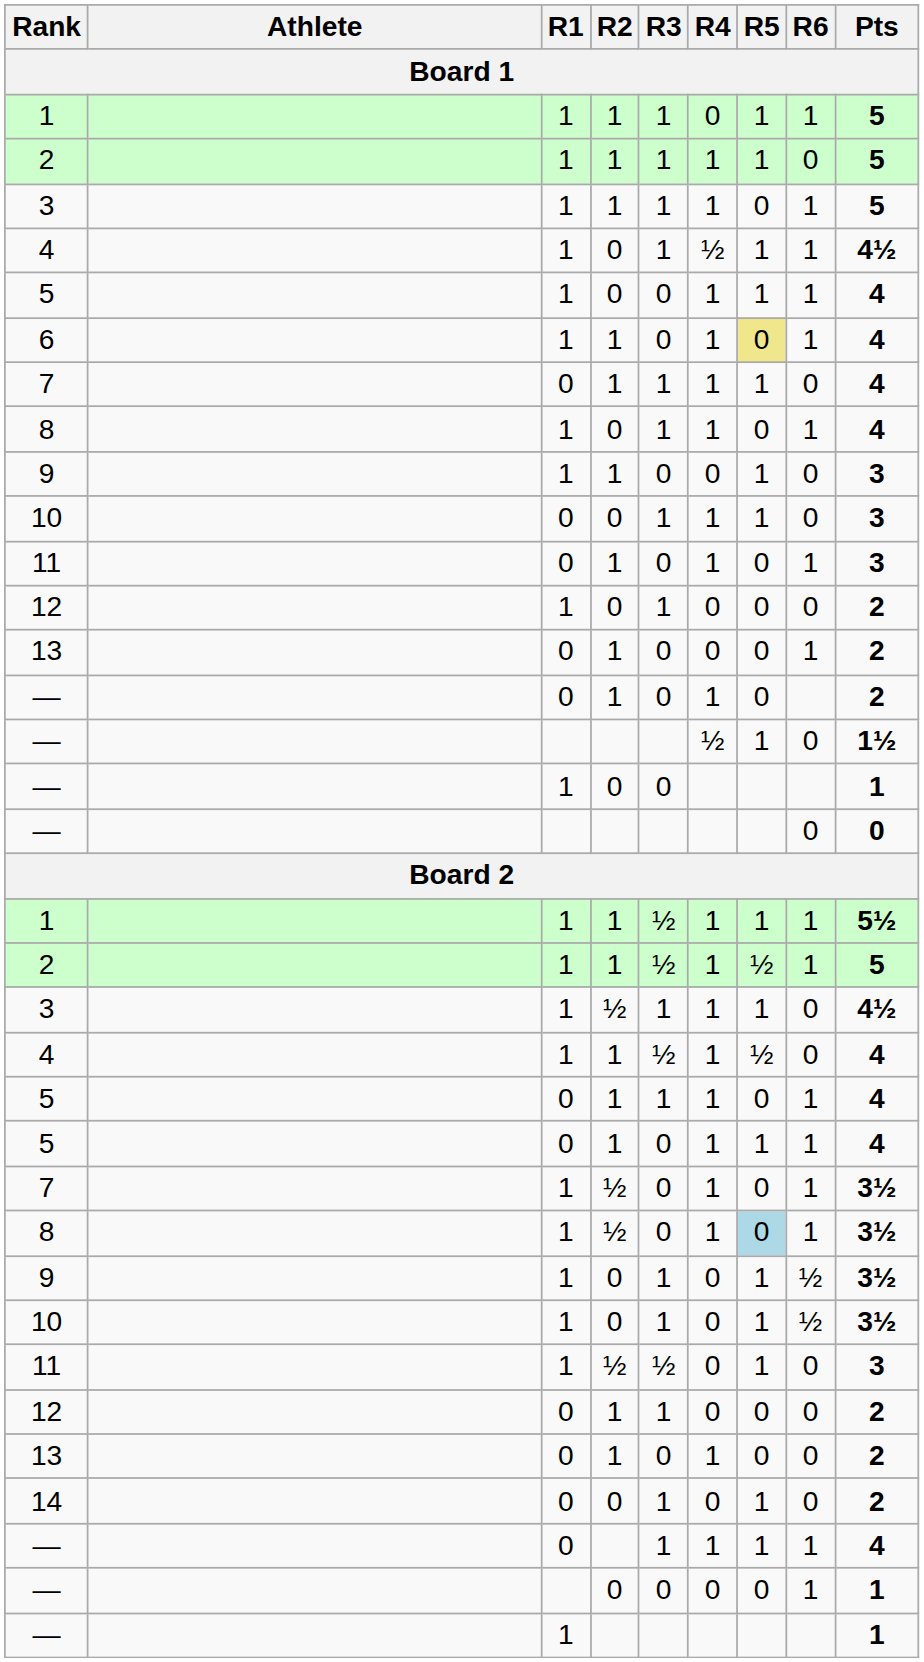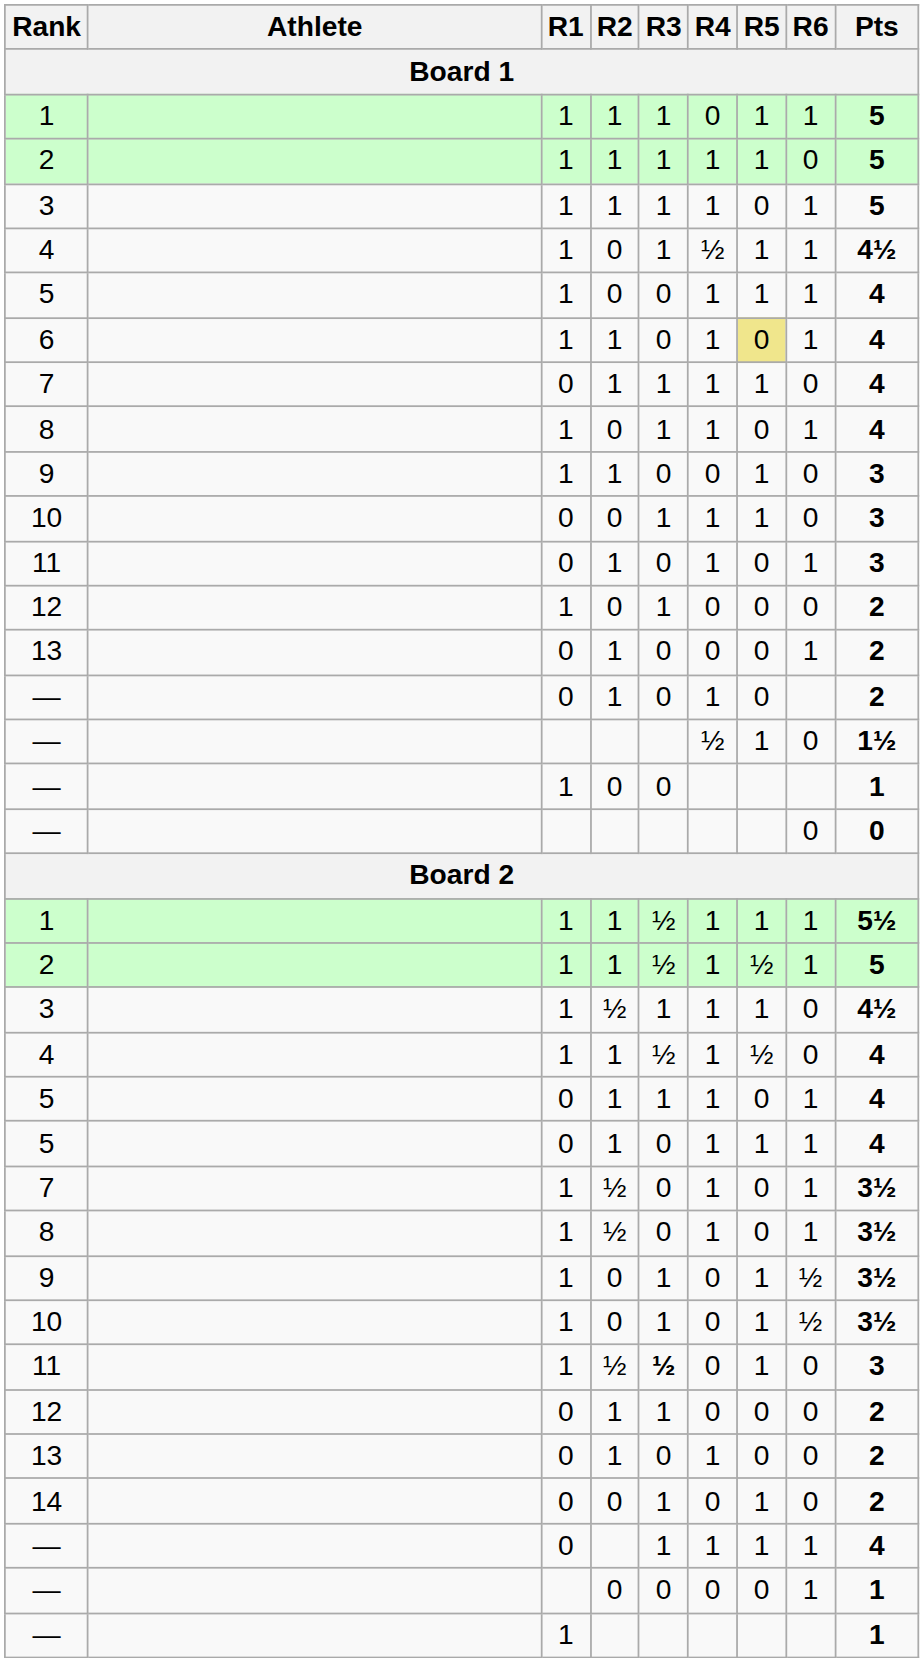 <table class=wikitable style="text-align:center">
 <tr>
 <th width=40>Rank</th>
 <th width=250>Athlete</th>
 <th width=20>R1</th>
 <th width=20>R2</th>
 <th width=20>R3</th>
 <th width=20>R4</th>
 <th width=20>R5</th>
 <th width=20>R6</th>
 <th width=40>Pts</th>
 </tr>
 <tr>
 <th colspan=11>Board 1</th>
 </tr>
 <tr style="background:#ccffcc;">
 <td>1</td>
 <td align=left></td>
 <td>1</td>
 <td>1</td>
 <td>1</td>
 <td>0</td>
 <td>1</td>
 <td>1</td>
 <td><strong>5</strong></td>
 </tr>
 <tr style="background:#ccffcc;">
 <td>2</td>
 <td align=left></td>
 <td>1</td>
 <td>1</td>
 <td>1</td>
 <td>1</td>
 <td>1</td>
 <td>0</td>
 <td><strong>5</strong></td>
 </tr>
 <tr>
 <td>3</td>
 <td align=left></td>
 <td>1</td>
 <td>1</td>
 <td>1</td>
 <td>1</td>
 <td>0</td>
 <td>1</td>
 <td><strong>5</strong></td>
 </tr>
 <tr>
 <td>4</td>
 <td align=left></td>
 <td>1</td>
 <td>0</td>
 <td>1</td>
 <td>½</td>
 <td>1</td>
 <td>1</td>
 <td><strong>4½</strong></td>
 </tr>
 <tr>
 <td>5</td>
 <td align=left></td>
 <td>1</td>
 <td>0</td>
 <td>0</td>
 <td>1</td>
 <td>1</td>
 <td>1</td>
 <td><strong>4</strong></td>
 </tr>
 <tr>
 <td>6</td>
 <td align=left></td>
 <td>1</td>
 <td>1</td>
 <td>0</td>
 <td>1</td>
 <td style="background: khaki;">0</td>
 <td>1</td>
 <td><strong>4</strong></td>
 </tr>
 <tr>
 <td>7</td>
 <td align=left></td>
 <td>0</td>
 <td>1</td>
 <td>1</td>
 <td>1</td>
 <td>1</td>
 <td>0</td>
 <td><strong>4</strong></td>
 </tr>
 <tr>
 <td>8</td>
 <td align=left></td>
 <td>1</td>
 <td>0</td>
 <td>1</td>
 <td>1</td>
 <td>0</td>
 <td>1</td>
 <td><strong>4</strong></td>
 </tr>
 <tr>
 <td>9</td>
 <td align=left></td>
 <td>1</td>
 <td>1</td>
 <td>0</td>
 <td>0</td>
 <td>1</td>
 <td>0</td>
 <td><strong>3</strong></td>
 </tr>
 <tr>
 <td>10</td>
 <td align=left></td>
 <td>0</td>
 <td>0</td>
 <td>1</td>
 <td>1</td>
 <td>1</td>
 <td>0</td>
 <td><strong>3</strong></td>
 </tr>
 <tr>
 <td>11</td>
 <td align=left></td>
 <td>0</td>
 <td>1</td>
 <td>0</td>
 <td>1</td>
 <td>0</td>
 <td>1</td>
 <td><strong>3</strong></td>
 </tr>
 <tr>
 <td>12</td>
 <td align=left></td>
 <td>1</td>
 <td>0</td>
 <td>1</td>
 <td>0</td>
 <td>0</td>
 <td>0</td>
 <td><strong>2</strong></td>
 </tr>
 <tr>
 <td>13</td>
 <td align=left></td>
 <td>0</td>
 <td>1</td>
 <td>0</td>
 <td>0</td>
 <td>0</td>
 <td>1</td>
 <td><strong>2</strong></td>
 </tr>
 <tr>
 <td>—</td>
 <td align=left></td>
 <td>0</td>
 <td>1</td>
 <td>0</td>
 <td>1</td>
 <td>0</td>
 <td></td>
 <td><strong>2</strong></td>
 </tr>
 <tr>
 <td>—</td>
 <td align=left></td>
 <td></td>
 <td></td>
 <td></td>
 <td>½</td>
 <td>1</td>
 <td>0</td>
 <td><strong>1½</strong></td>
 </tr>
 <tr>
 <td>—</td>
 <td align=left></td>
 <td>1</td>
 <td>0</td>
 <td>0</td>
 <td></td>
 <td></td>
 <td></td>
 <td><strong>1</strong></td>
 </tr>
 <tr>
 <td>—</td>
 <td align=left></td>
 <td></td>
 <td></td>
 <td></td>
 <td></td>
 <td></td>
 <td>0</td>
 <td><strong>0</strong></td>
 </tr>
 <tr>
 <th colspan=11>Board 2</th>
 </tr>
 <tr style="background:#ccffcc;">
 <td>1</td>
 <td align=left></td>
 <td>1</td>
 <td>1</td>
 <td>½</td>
 <td>1</td>
 <td>1</td>
 <td>1</td>
 <td><strong>5½</strong></td>
 </tr>
 <tr style="background:#ccffcc;">
 <td>2</td>
 <td align=left></td>
 <td>1</td>
 <td>1</td>
 <td>½</td>
 <td>1</td>
 <td>½</td>
 <td>1</td>
 <td><strong>5</strong></td>
 </tr>
 <tr>
 <td>3</td>
 <td align=left></td>
 <td>1</td>
 <td>½</td>
 <td>1</td>
 <td>1</td>
 <td>1</td>
 <td>0</td>
 <td><strong>4½</strong></td>
 </tr>
 <tr>
 <td>4</td>
 <td align=left></td>
 <td>1</td>
 <td>1</td>
 <td>½</td>
 <td>1</td>
 <td>½</td>
 <td>0</td>
 <td><strong>4</strong></td>
 </tr>
 <tr>
 <td>5</td>
 <td align=left></td>
 <td>0</td>
 <td>1</td>
 <td>1</td>
 <td>1</td>
 <td>0</td>
 <td>1</td>
 <td><strong>4</strong></td>
 </tr>
 <tr>
 <td>5</td>
 <td align=left></td>
 <td>0</td>
 <td>1</td>
 <td>0</td>
 <td>1</td>
 <td>1</td>
 <td>1</td>
 <td><strong>4</strong></td>
 </tr>
 <tr>
 <td>7</td>
 <td align=left></td>
 <td>1</td>
 <td>½</td>
 <td>0</td>
 <td>1</td>
 <td>0</td>
 <td>1</td>
 <td><strong>3½</strong></td>
 </tr>
 <tr>
 <td>8</td>
 <td align=left></td>
 <td>1</td>
 <td>½</td>
 <td>0</td>
 <td>1</td>
-<td style="background: lightblue;">0</td>
+<td>0</td>
 <td>1</td>
 <td><strong>3½</strong></td>
 </tr>
 <tr>
 <td>9</td>
 <td align=left></td>
 <td>1</td>
 <td>0</td>
 <td>1</td>
 <td>0</td>
 <td>1</td>
 <td>½</td>
 <td><strong>3½</strong></td>
 </tr>
 <tr>
 <td>10</td>
 <td align=left></td>
 <td>1</td>
 <td>0</td>
 <td>1</td>
 <td>0</td>
 <td>1</td>
 <td>½</td>
 <td><strong>3½</strong></td>
 </tr>
 <tr>
 <td>11</td>
 <td align=left></td>
 <td>1</td>
 <td>½</td>
-<td>½</td>
+<td><strong>½</strong></td>
 <td>0</td>
 <td>1</td>
 <td>0</td>
 <td><strong>3</strong></td>
 </tr>
 <tr>
 <td>12</td>
 <td align=left></td>
 <td>0</td>
 <td>1</td>
 <td>1</td>
 <td>0</td>
 <td>0</td>
 <td>0</td>
 <td><strong>2</strong></td>
 </tr>
 <tr>
 <td>13</td>
 <td align=left></td>
 <td>0</td>
 <td>1</td>
 <td>0</td>
 <td>1</td>
 <td>0</td>
 <td>0</td>
 <td><strong>2</strong></td>
 </tr>
 <tr>
 <td>14</td>
 <td align=left></td>
 <td>0</td>
 <td>0</td>
 <td>1</td>
 <td>0</td>
 <td>1</td>
 <td>0</td>
 <td><strong>2</strong></td>
 </tr>
 <tr>
 <td>—</td>
 <td align=left></td>
 <td>0</td>
 <td></td>
 <td>1</td>
 <td>1</td>
 <td>1</td>
 <td>1</td>
 <td><strong>4</strong></td>
 </tr>
 <tr>
 <td>—</td>
 <td align=left></td>
 <td></td>
 <td>0</td>
 <td>0</td>
 <td>0</td>
 <td>0</td>
 <td>1</td>
 <td><strong>1</strong></td>
 </tr>
 <tr>
 <td>—</td>
 <td align=left></td>
 <td>1</td>
 <td></td>
 <td></td>
 <td></td>
 <td></td>
 <td></td>
 <td><strong>1</strong></td>
 </tr>
 </table>
